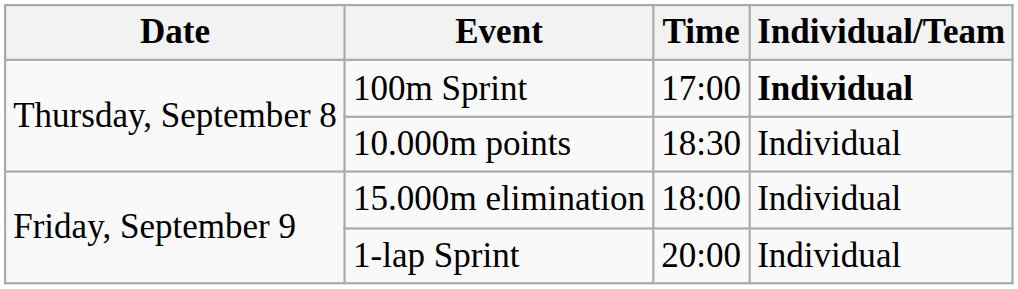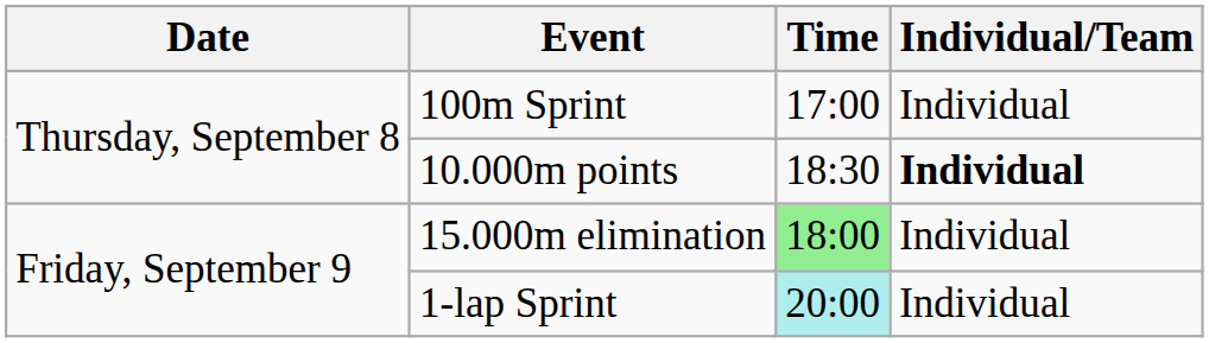 <table class="wikitable">
 <tr>
 <th>Date</th>
 <th>Event</th>
 <th>Time</th>
 <th>Individual/Team</th>
 </tr>
 <tr>
 <td rowspan=2>Thursday, September 8</td>
 <td>100m Sprint</td>
 <td>17:00</td>
-<td><strong>Individual</strong></td>
+<td>Individual</td>
 </tr>
 <tr>
 <td>10.000m points</td>
 <td>18:30</td>
-<td>Individual</td>
+<td><strong>Individual</strong></td>
 </tr>
 <tr>
 <td rowspan=2>Friday, September 9</td>
 <td>15.000m elimination</td>
-<td>18:00</td>
+<td style="background: lightgreen;">18:00</td>
 <td>Individual</td>
 </tr>
 <tr>
 <td>1-lap Sprint</td>
-<td>20:00</td>
+<td style="background: paleturquoise;">20:00</td>
 <td>Individual</td>
 </tr>
 </table>
